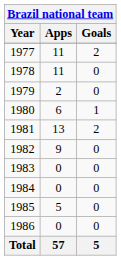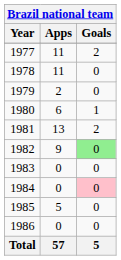 <table class="wikitable" style="text-align:center">
 <tr>
 <th colspan=3><a href='#'>Brazil national team</a></th>
 </tr>
 <tr>
 <th>Year</th>
 <th>Apps</th>
 <th>Goals</th>
 </tr>
 <tr>
 </tr>
 <tr>
 <td>1977</td>
 <td>11</td>
 <td>2</td>
 </tr>
 <tr>
 <td>1978</td>
 <td>11</td>
 <td>0</td>
 </tr>
 <tr>
 <td>1979</td>
 <td>2</td>
 <td>0</td>
 </tr>
 <tr>
 <td>1980</td>
 <td>6</td>
 <td>1</td>
 </tr>
 <tr>
 <td>1981</td>
 <td>13</td>
 <td>2</td>
 </tr>
 <tr>
 <td>1982</td>
 <td>9</td>
-<td>0</td>
+<td style="background: lightgreen;">0</td>
 </tr>
 <tr>
 <td>1983</td>
 <td>0</td>
 <td>0</td>
 </tr>
 <tr>
 <td>1984</td>
 <td>0</td>
-<td>0</td>
+<td style="background: pink;">0</td>
 </tr>
 <tr>
 <td>1985</td>
 <td>5</td>
 <td>0</td>
 </tr>
 <tr>
 <td>1986</td>
 <td>0</td>
 <td>0</td>
 </tr>
 <tr>
 <th>Total</th>
 <th>57</th>
 <th>5</th>
 </tr>
 </table>
